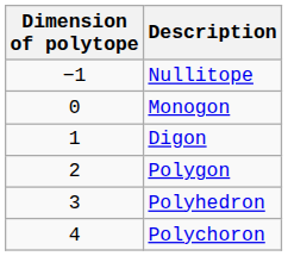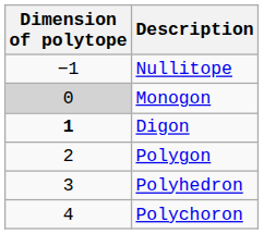 <table class="wikitable">
 <tr>
 <th>Dimension<br>of polytope</th>
 <th>Description</th>
 </tr>
 <tr>
 <td align=center>−1</td>
 <td><a href='#'>Nullitope</a></td>
 </tr>
 <tr>
-<td align=center>0</td>
+<td align=center style="background: lightgrey;">0</td>
 <td><a href='#'>Monogon</a></td>
 </tr>
 <tr>
-<td align=center>1</td>
+<td align=center><strong>1</strong></td>
 <td><a href='#'>Digon</a></td>
 </tr>
 <tr>
 <td align=center>2</td>
 <td><a href='#'>Polygon</a></td>
 </tr>
 <tr>
 <td align=center>3</td>
 <td><a href='#'>Polyhedron</a></td>
 </tr>
 <tr>
 <td align=center>4</td>
 <td><a href='#'>Polychoron</a></td>
 </tr>
 </table>
